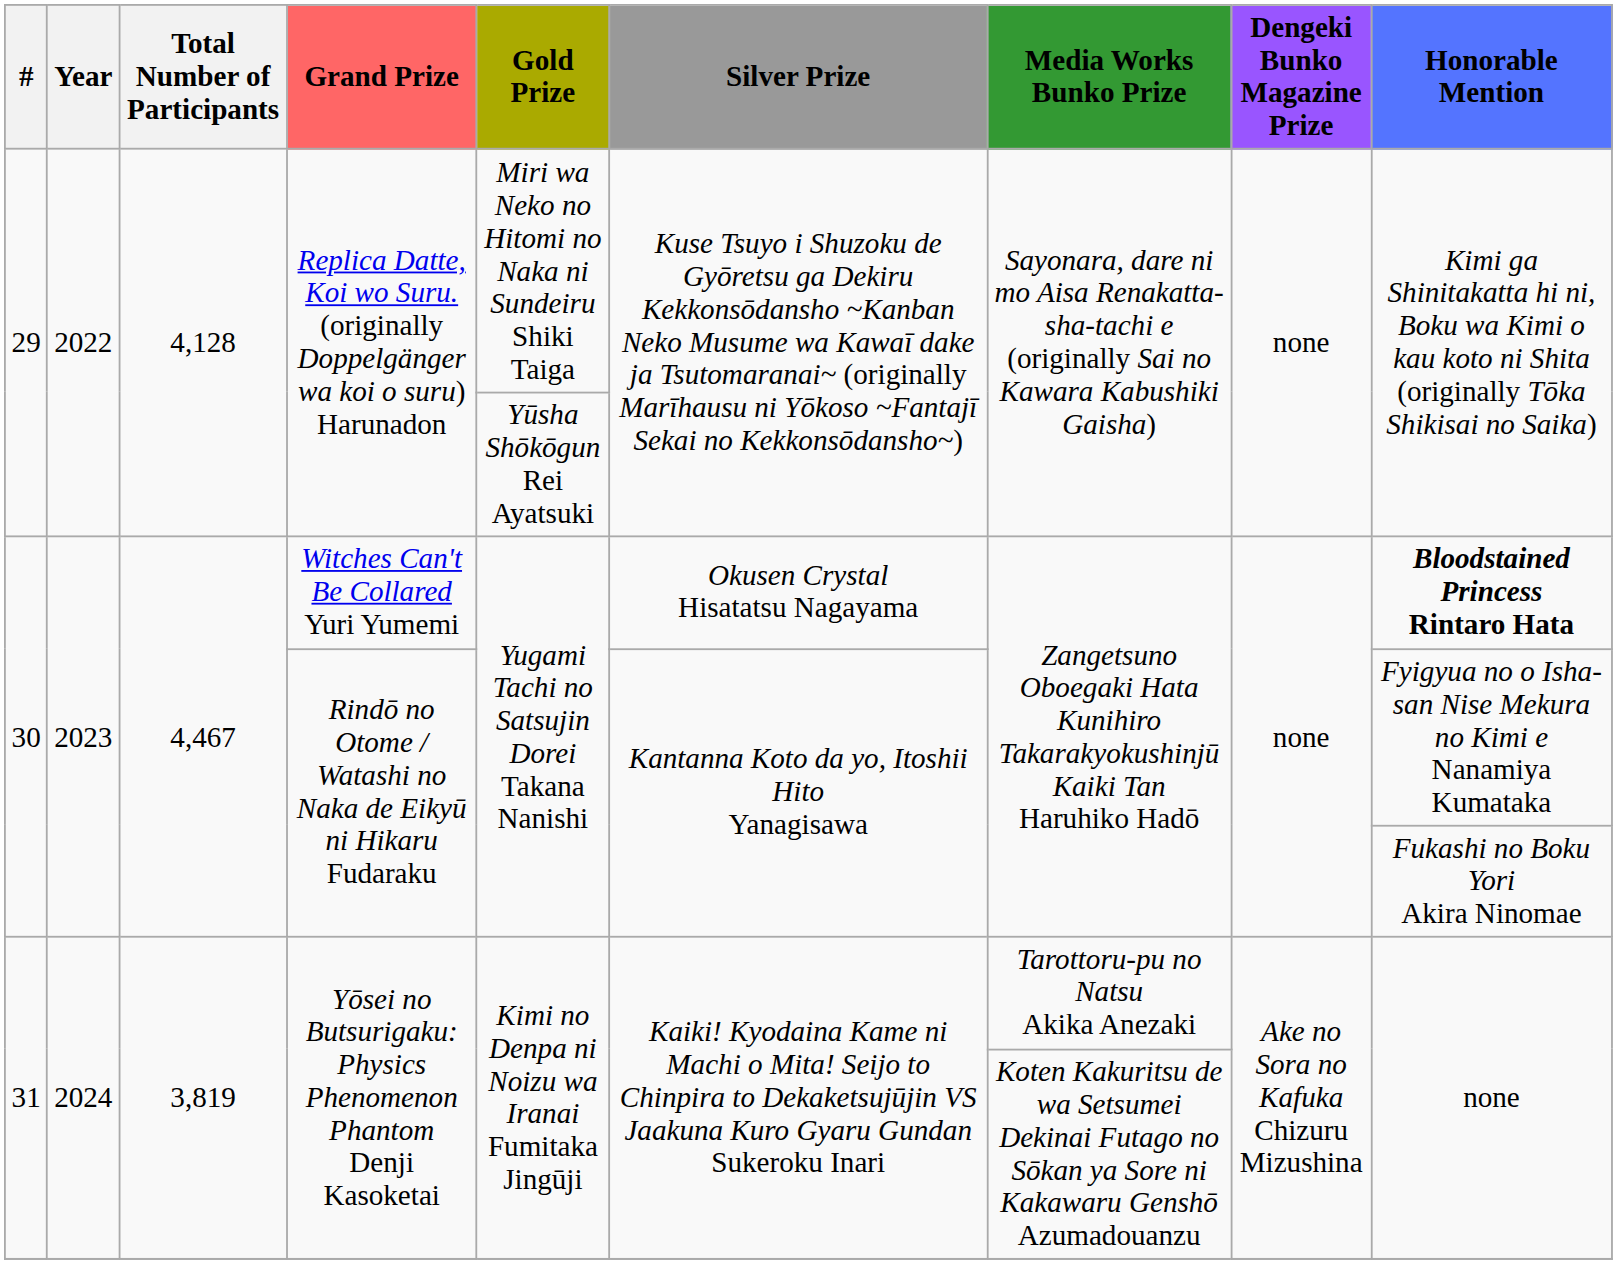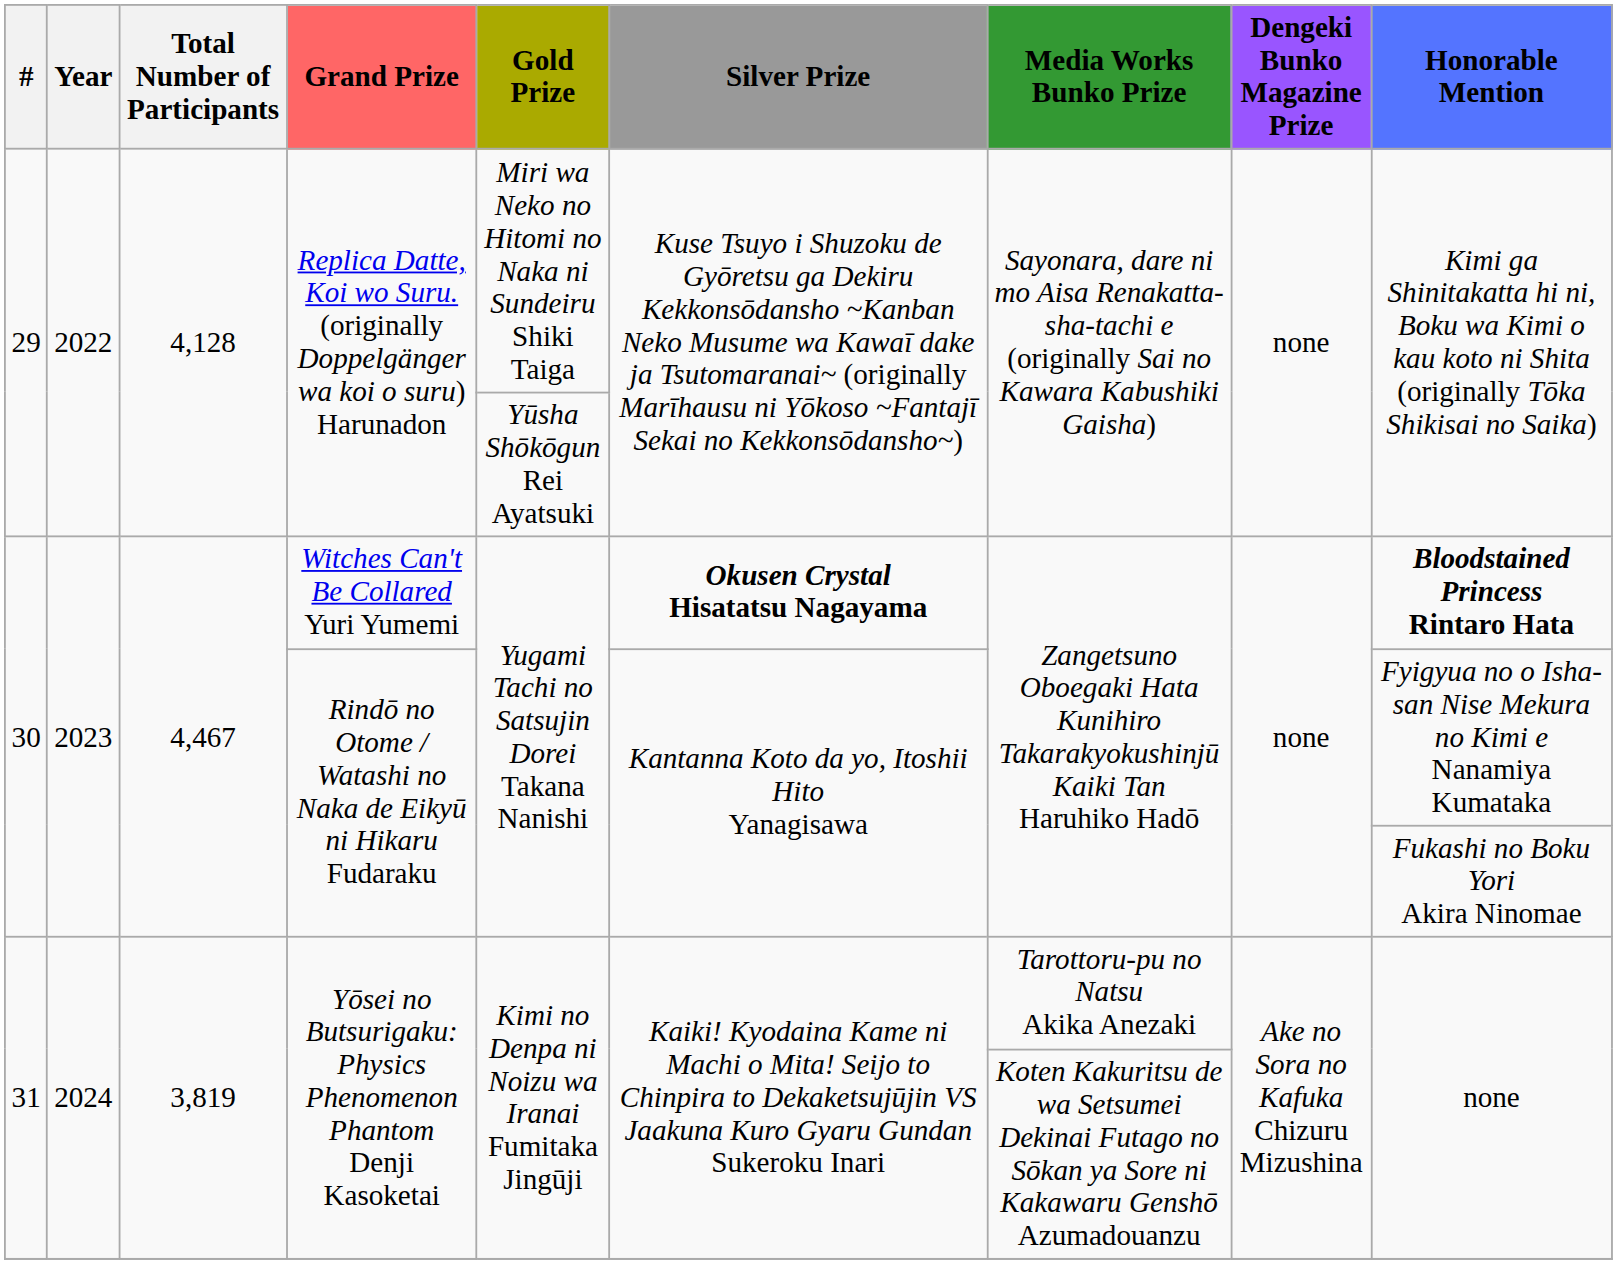 <table class="wikitable" border="1" width="100%" style="text-align:center;">
 <tr>
 <th>#</th>
 <th>Year</th>
 <th>Total Number of Participants</th>
 <th style="background-color:#FF6666">Grand Prize</th>
 <th style="background-color:#aaaa00">Gold Prize</th>
 <th style="background-color:#999999" width="200">Silver Prize</th>
 <th style="background-color:#339933">Media Works Bunko Prize</th>
 <th style="background-color:#9955ff">Dengeki Bunko Magazine Prize</th>
 <th width="15%" style="background-color:#5474ff">Honorable Mention</th>
 </tr>
 <tr>
 <td rowspan="2">29</td>
 <td rowspan="2">2022</td>
 <td rowspan="2">4,128</td>
 <td rowspan="2"><em><a href='#'>Replica Datte, Koi wo Suru.</a></em> (originally <em>Doppelgänger wa koi o suru</em>)<br>Harunadon</td>
 <td><em>Miri wa Neko no Hitomi no Naka ni Sundeiru</em><br>Shiki Taiga</td>
 <td rowspan="2"><em>Kuse Tsuyo i Shuzoku de Gyōretsu ga Dekiru Kekkonsōdansho  ~Kanban Neko Musume wa Kawaī dake ja Tsutomaranai~</em> (originally <em>Marīhausu ni Yōkoso ~Fantajī Sekai no Kekkonsōdansho~</em>)<br></td>
 <td rowspan="2"><em>Sayonara, dare ni mo Aisa Renakatta-sha-tachi e</em> (originally <em>Sai no Kawara Kabushiki Gaisha</em>)</td>
 <td rowspan="2">none</td>
 <td rowspan="2"><em>Kimi ga Shinitakatta hi ni, Boku wa Kimi o kau koto ni Shita</em> (originally <em>Tōka Shikisai no Saika</em>)</td>
 </tr>
 <tr>
 <td><em>Yūsha Shōkōgun</em><br>Rei Ayatsuki</td>
 </tr>
 <tr>
 <td rowspan="3">30</td>
 <td rowspan="3">2023</td>
 <td rowspan="3">4,467</td>
 <td><em><a href='#'>Witches Can't Be Collared</a></em><br>Yuri Yumemi</td>
 <td rowspan="3"><em>Yugami Tachi no Satsujin Dorei</em><br>Takana Nanishi</td>
-<td><em>Okusen Crystal</em><br>Hisatatsu Nagayama</td>
+<td><strong><em>Okusen Crystal</em><br>Hisatatsu Nagayama</strong></td>
 <td rowspan="3"><em>Zangetsuno Oboegaki Hata Kunihiro Takarakyokushinjū Kaiki Tan</em><br>Haruhiko Hadō</td>
 <td rowspan="3">none</td>
 <td><strong><em>Bloodstained Princess</em><br>Rintaro Hata</strong></td>
 </tr>
 <tr>
 <td rowspan="2"><em>Rindō no Otome / Watashi no Naka de Eikyū ni Hikaru</em><br>Fudaraku</td>
 <td rowspan="2"><em>Kantanna Koto da yo, Itoshii Hito</em><br>Yanagisawa</td>
 <td><em>Fyigyua no o Isha-san Nise Mekura no Kimi e</em><br>Nanamiya Kumataka</td>
 </tr>
 <tr>
 <td><em>Fukashi no Boku Yori</em><br>Akira Ninomae</td>
 </tr>
 <tr>
 <td rowspan="2">31</td>
 <td rowspan="2">2024</td>
 <td rowspan="2">3,819</td>
 <td rowspan="2"><em>Yōsei no Butsurigaku: Physics Phenomenon Phantom</em><br>Denji Kasoketai</td>
 <td rowspan="2"><em>Kimi no Denpa ni Noizu wa Iranai</em><br>Fumitaka Jingūji</td>
 <td rowspan="2"><em>Kaiki! Kyodaina Kame ni Machi o Mita! Seijo to Chinpira to Dekaketsujūjin VS Jaakuna Kuro Gyaru Gundan</em><br>Sukeroku Inari</td>
 <td><em>Tarottoru-pu no Natsu</em><br>Akika Anezaki</td>
 <td rowspan="2"><em>Ake no Sora no Kafuka</em><br>Chizuru Mizushina</td>
 <td rowspan="2">none</td>
 </tr>
 <tr>
 <td><em>Koten Kakuritsu de wa Setsumei Dekinai Futago no Sōkan ya Sore ni Kakawaru Genshō</em><br>Azumadouanzu</td>
 </tr>
 <tr>
 </tr>
 </table>
